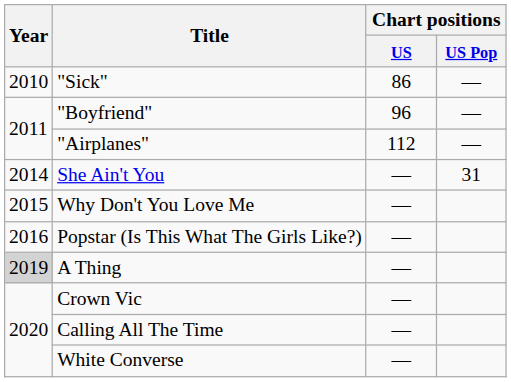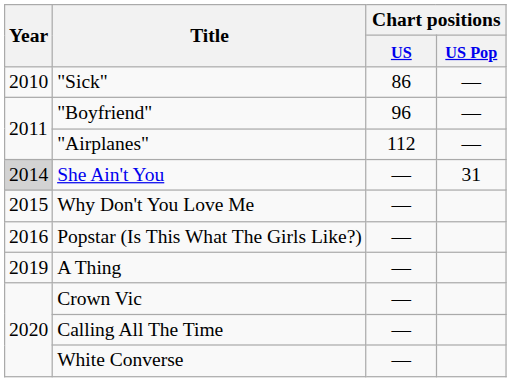 <table class="wikitable">
 <tr>
 <th rowspan="2">Year</th>
 <th rowspan="2">Title</th>
 <th colspan="2">Chart positions</th>
 </tr>
 <tr>
 <th width="50"><small><a href='#'>US</a></small></th>
 <th width="50"><small><a href='#'>US Pop</a><br></small></th>
 </tr>
 <tr>
 <td>2010</td>
 <td>"Sick"</td>
 <td align="center">86</td>
 <td align="center">—</td>
 </tr>
 <tr>
 <td rowspan="2">2011</td>
 <td>"Boyfriend"</td>
 <td align="center">96</td>
 <td align="center">—</td>
 </tr>
 <tr>
 <td>"Airplanes"</td>
 <td align="center">112</td>
 <td align="center">—</td>
 </tr>
 <tr>
-<td>2014</td>
+<td style="background: lightgrey;">2014</td>
 <td><a href='#'>She Ain't You</a></td>
 <td align="center">—</td>
 <td align="center">31</td>
 </tr>
 <tr>
 <td>2015</td>
 <td "Why Don't You Love Me" (New Hollow song)>Why Don't You Love Me</td>
 <td align="center">—</td>
 <td align="center"></td>
 </tr>
 <tr>
 <td>2016</td>
 <td "Popstar (Is This What The Girls Like?)" (New Hollow song)>Popstar (Is This What The Girls Like?)</td>
 <td align="center">—</td>
 <td align="center"></td>
 </tr>
 <tr>
-<td style="background: lightgrey;">2019</td>
+<td>2019</td>
 <td "A Thing" (New Hollow song)>A Thing</td>
 <td align="center">—</td>
 <td align="center"></td>
 </tr>
 <tr>
 <td rowspan="3">2020</td>
 <td "Crown Vic" (New Hollow song)>Crown Vic</td>
 <td align="center">—</td>
 <td align="center"></td>
 </tr>
 <tr>
 <td "Calling All The Time" (New Hollow song)>Calling All The Time</td>
 <td align="center">—</td>
 <td align="center"></td>
 </tr>
 <tr>
 <td "White Converse" (New Hollow song)>White Converse</td>
 <td align="center">—</td>
 <td align="center"></td>
 </tr>
 </table>
